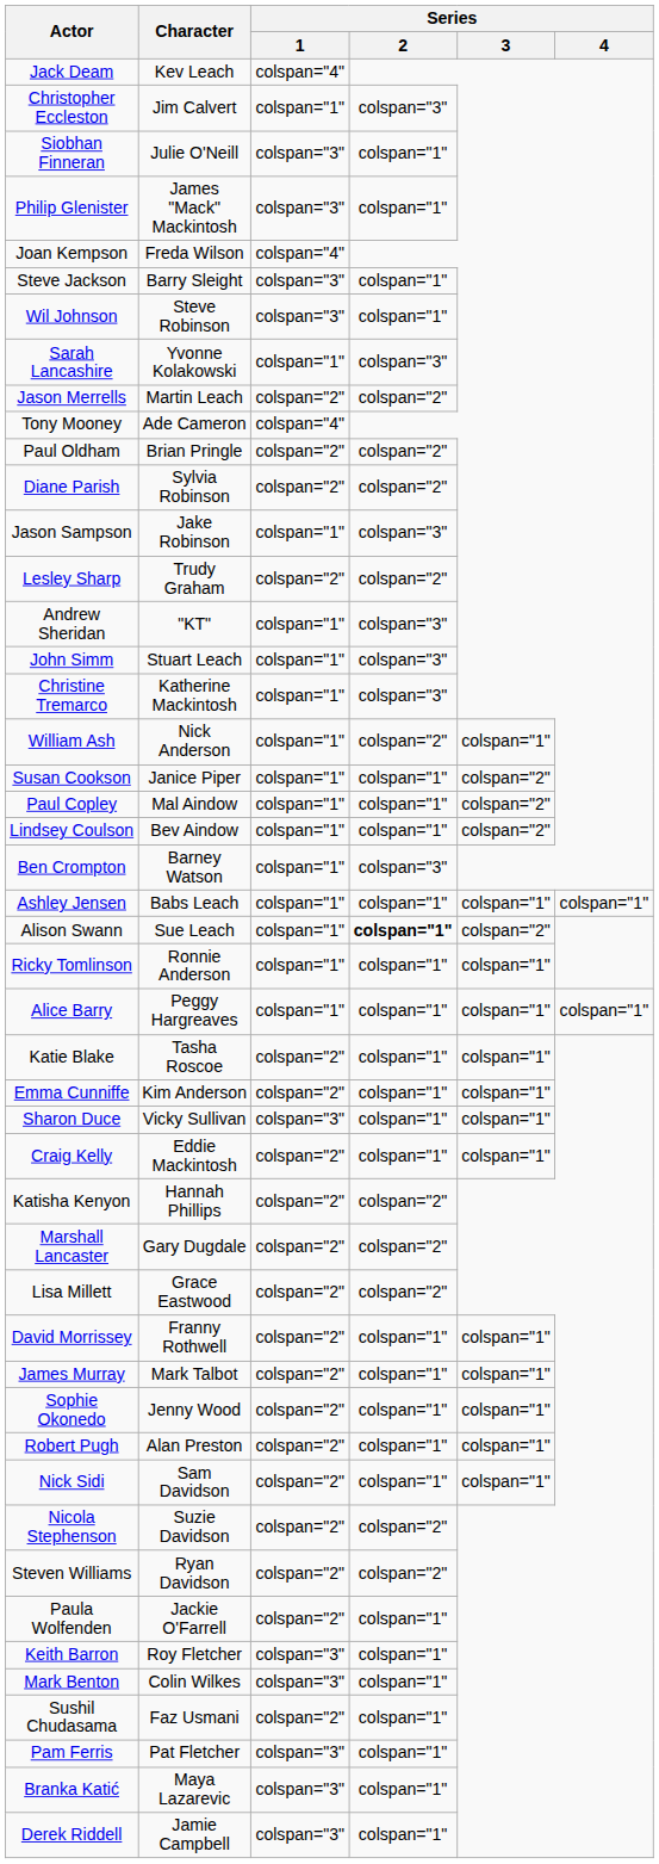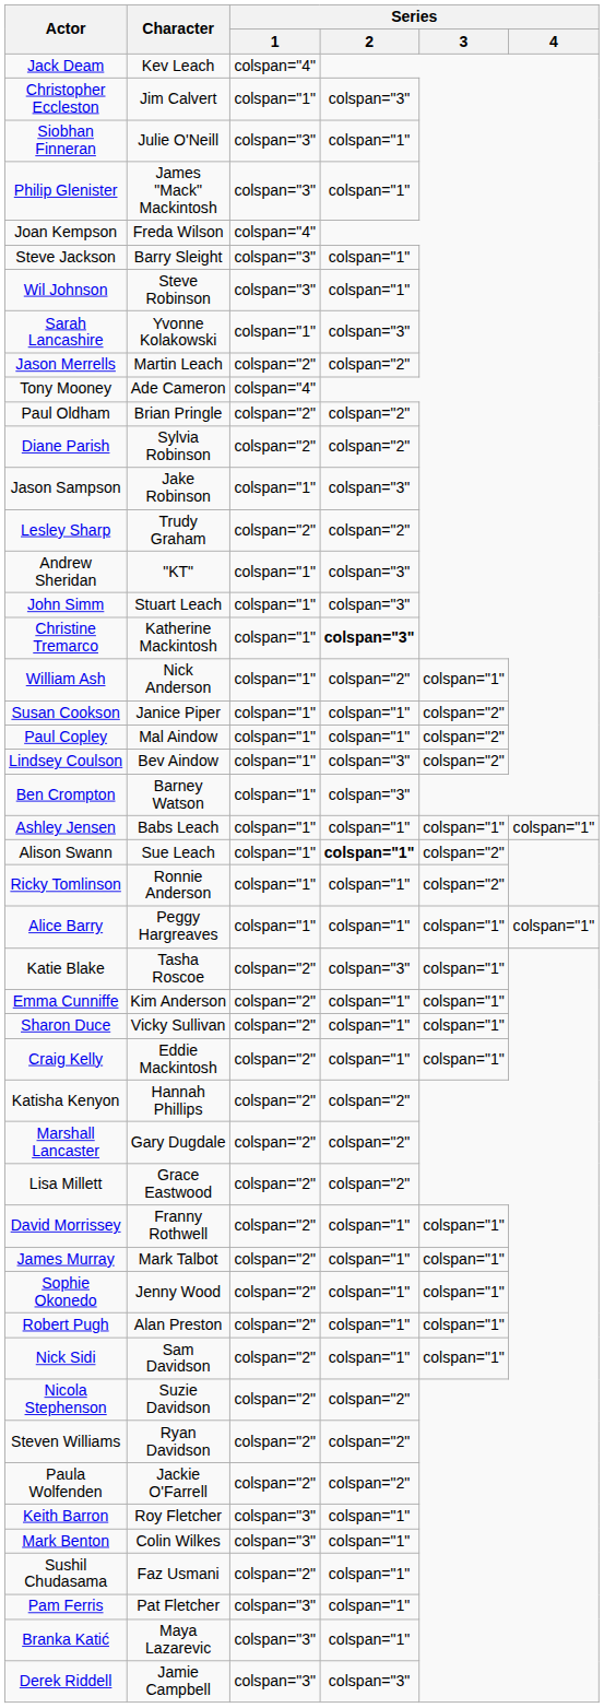 <table class="wikitable plainrowheaders" style="text-align:center; width:70%;">
 <tr>
 <th scope="col" rowspan="2" style="width:20%;">Actor</th>
 <th scope="col" rowspan="2" style="width:17%;">Character</th>
 <th scope="col" colspan="5" style="width:40%;">Series</th>
 </tr>
 <tr>
 <th scope="col" style="width:10%;">1</th>
 <th scope="col" style="width:10%;">2</th>
 <th scope="col" style="width:10%;">3</th>
 <th scope="col" style="width:10%;">4</th>
 </tr>
 <tr>
 <td scope="row"><a href='#'>Jack Deam</a></td>
 <td>Kev Leach</td>
 <td>colspan="4" </td>
 </tr>
 <tr>
 <td scope="row"><a href='#'>Christopher Eccleston</a></td>
 <td>Jim Calvert</td>
 <td>colspan="1" </td>
 <td>colspan="3" </td>
 </tr>
 <tr>
 <td scope="row"><a href='#'>Siobhan Finneran</a></td>
 <td>Julie O'Neill</td>
 <td>colspan="3" </td>
 <td>colspan="1" </td>
 </tr>
 <tr>
 <td scope="row"><a href='#'>Philip Glenister</a></td>
 <td>James "Mack" Mackintosh</td>
 <td>colspan="3" </td>
 <td>colspan="1" </td>
 </tr>
 <tr>
 <td scope="row">Joan Kempson</td>
 <td>Freda Wilson</td>
 <td>colspan="4" </td>
 </tr>
 <tr>
 <td scope="row">Steve Jackson</td>
 <td>Barry Sleight</td>
 <td>colspan="3" </td>
 <td>colspan="1" </td>
 </tr>
 <tr>
 <td scope="row"><a href='#'>Wil Johnson</a></td>
 <td>Steve Robinson</td>
 <td>colspan="3" </td>
 <td>colspan="1" </td>
 </tr>
 <tr>
 <td scope="row"><a href='#'>Sarah Lancashire</a></td>
 <td>Yvonne Kolakowski</td>
 <td>colspan="1" </td>
 <td>colspan="3" </td>
 </tr>
 <tr>
 <td scope="row"><a href='#'>Jason Merrells</a></td>
 <td>Martin Leach</td>
 <td>colspan="2" </td>
 <td>colspan="2" </td>
 </tr>
 <tr>
 <td scope="row">Tony Mooney</td>
 <td>Ade Cameron</td>
 <td>colspan="4" </td>
 </tr>
 <tr>
 <td scope="row">Paul Oldham</td>
 <td>Brian Pringle</td>
 <td>colspan="2" </td>
 <td>colspan="2" </td>
 </tr>
 <tr>
 <td scope="row"><a href='#'>Diane Parish</a></td>
 <td>Sylvia Robinson</td>
 <td>colspan="2" </td>
 <td>colspan="2" </td>
 </tr>
 <tr>
 <td scope="row">Jason Sampson</td>
 <td>Jake Robinson</td>
 <td>colspan="1" </td>
 <td>colspan="3" </td>
 </tr>
 <tr>
 <td scope="row"><a href='#'>Lesley Sharp</a></td>
 <td>Trudy Graham</td>
 <td>colspan="2" </td>
 <td>colspan="2" </td>
 </tr>
 <tr>
 <td scope="row">Andrew Sheridan</td>
 <td>"KT"</td>
 <td>colspan="1" </td>
 <td>colspan="3" </td>
 </tr>
 <tr>
 <td scope="row"><a href='#'>John Simm</a></td>
 <td>Stuart Leach</td>
 <td>colspan="1" </td>
 <td>colspan="3" </td>
 </tr>
 <tr>
 <td scope="row"><a href='#'>Christine Tremarco</a></td>
 <td>Katherine Mackintosh</td>
 <td>colspan="1" </td>
-<td>colspan="3" </td>
+<td><strong>colspan="3" </strong></td>
 </tr>
 <tr>
 <td scope="row"><a href='#'>William Ash</a></td>
 <td>Nick Anderson</td>
 <td>colspan="1" </td>
 <td>colspan="2" </td>
 <td>colspan="1" </td>
 </tr>
 <tr>
 <td scope="row"><a href='#'>Susan Cookson</a></td>
 <td>Janice Piper</td>
 <td>colspan="1" </td>
 <td>colspan="1" </td>
 <td>colspan="2" </td>
 </tr>
 <tr>
 <td scope="row"><a href='#'>Paul Copley</a></td>
 <td>Mal Aindow</td>
 <td>colspan="1" </td>
 <td>colspan="1" </td>
 <td>colspan="2" </td>
 </tr>
 <tr>
 <td scope="row"><a href='#'>Lindsey Coulson</a></td>
 <td>Bev Aindow</td>
 <td>colspan="1" </td>
-<td>colspan="1" </td>
+<td>colspan="3" </td>
 <td>colspan="2" </td>
 </tr>
 <tr>
 <td scope="row"><a href='#'>Ben Crompton</a></td>
 <td>Barney Watson</td>
 <td>colspan="1" </td>
 <td>colspan="3" </td>
 </tr>
 <tr>
 <td scope="row"><a href='#'>Ashley Jensen</a></td>
 <td>Babs Leach</td>
 <td>colspan="1" </td>
 <td>colspan="1" </td>
 <td>colspan="1" </td>
 <td>colspan="1" </td>
 </tr>
 <tr>
 <td scope="row">Alison Swann</td>
 <td>Sue Leach</td>
 <td>colspan="1" </td>
 <td><strong>colspan="1" </strong></td>
 <td>colspan="2" </td>
 </tr>
 <tr>
 <td scope="row"><a href='#'>Ricky Tomlinson</a></td>
 <td>Ronnie Anderson</td>
 <td>colspan="1" </td>
 <td>colspan="1" </td>
-<td>colspan="1" </td>
+<td>colspan="2" </td>
 </tr>
 <tr>
 <td scope="row"><a href='#'>Alice Barry</a></td>
 <td>Peggy Hargreaves</td>
 <td>colspan="1" </td>
 <td>colspan="1" </td>
 <td>colspan="1" </td>
 <td>colspan="1" </td>
 </tr>
 <tr>
 <td scope="row">Katie Blake</td>
 <td>Tasha Roscoe</td>
 <td>colspan="2" </td>
-<td>colspan="1" </td>
+<td>colspan="3" </td>
 <td>colspan="1" </td>
 </tr>
 <tr>
 <td scope="row"><a href='#'>Emma Cunniffe</a></td>
 <td>Kim Anderson</td>
 <td>colspan="2" </td>
 <td>colspan="1" </td>
 <td>colspan="1" </td>
 </tr>
 <tr>
 <td scope="row"><a href='#'>Sharon Duce</a></td>
 <td>Vicky Sullivan</td>
-<td>colspan="3" </td>
+<td>colspan="2" </td>
 <td>colspan="1" </td>
 <td>colspan="1" </td>
 </tr>
 <tr>
 <td scope="row"><a href='#'>Craig Kelly</a></td>
 <td>Eddie Mackintosh</td>
 <td>colspan="2" </td>
 <td>colspan="1" </td>
 <td>colspan="1" </td>
 </tr>
 <tr>
 <td scope="row">Katisha Kenyon</td>
 <td>Hannah Phillips</td>
 <td>colspan="2" </td>
 <td>colspan="2" </td>
 </tr>
 <tr>
 <td scope="row"><a href='#'>Marshall Lancaster</a></td>
 <td>Gary Dugdale</td>
 <td>colspan="2" </td>
 <td>colspan="2" </td>
 </tr>
 <tr>
 <td scope="row">Lisa Millett</td>
 <td>Grace Eastwood</td>
 <td>colspan="2" </td>
 <td>colspan="2" </td>
 </tr>
 <tr>
 <td scope="row"><a href='#'>David Morrissey</a></td>
 <td>Franny Rothwell</td>
 <td>colspan="2" </td>
 <td>colspan="1" </td>
 <td>colspan="1" </td>
 </tr>
 <tr>
 <td scope="row"><a href='#'>James Murray</a></td>
 <td>Mark Talbot</td>
 <td>colspan="2" </td>
 <td>colspan="1" </td>
 <td>colspan="1" </td>
 </tr>
 <tr>
 <td scope="row"><a href='#'>Sophie Okonedo</a></td>
 <td>Jenny Wood</td>
 <td>colspan="2" </td>
 <td>colspan="1" </td>
 <td>colspan="1" </td>
 </tr>
 <tr>
 <td scope="row"><a href='#'>Robert Pugh</a></td>
 <td>Alan Preston</td>
 <td>colspan="2" </td>
 <td>colspan="1" </td>
 <td>colspan="1" </td>
 </tr>
 <tr>
 <td scope="row"><a href='#'>Nick Sidi</a></td>
 <td>Sam Davidson</td>
 <td>colspan="2" </td>
 <td>colspan="1" </td>
 <td>colspan="1" </td>
 </tr>
 <tr>
 <td scope="row"><a href='#'>Nicola Stephenson</a></td>
 <td>Suzie Davidson</td>
 <td>colspan="2" </td>
 <td>colspan="2" </td>
 </tr>
 <tr>
 <td scope="row">Steven Williams</td>
 <td>Ryan Davidson</td>
 <td>colspan="2" </td>
 <td>colspan="2" </td>
 </tr>
 <tr>
 <td scope="row">Paula Wolfenden</td>
 <td>Jackie O'Farrell</td>
 <td>colspan="2" </td>
-<td>colspan="1" </td>
+<td>colspan="2" </td>
 </tr>
 <tr>
 <td scope="row"><a href='#'>Keith Barron</a></td>
 <td>Roy Fletcher</td>
 <td>colspan="3" </td>
 <td>colspan="1" </td>
 </tr>
 <tr>
 <td scope="row"><a href='#'>Mark Benton</a></td>
 <td>Colin Wilkes</td>
 <td>colspan="3" </td>
 <td>colspan="1" </td>
 </tr>
 <tr>
 <td scope="row">Sushil Chudasama</td>
 <td>Faz Usmani</td>
 <td>colspan="2" </td>
 <td>colspan="1" </td>
 </tr>
 <tr>
 <td scope="row"><a href='#'>Pam Ferris</a></td>
 <td>Pat Fletcher</td>
 <td>colspan="3" </td>
 <td>colspan="1" </td>
 </tr>
 <tr>
 <td scope="row"><a href='#'>Branka Katić</a></td>
 <td>Maya Lazarevic</td>
 <td>colspan="3" </td>
 <td>colspan="1" </td>
 </tr>
 <tr>
 <td scope="row"><a href='#'>Derek Riddell</a></td>
 <td>Jamie Campbell</td>
 <td>colspan="3" </td>
-<td>colspan="1" </td>
+<td>colspan="3" </td>
 </tr>
 </table>
